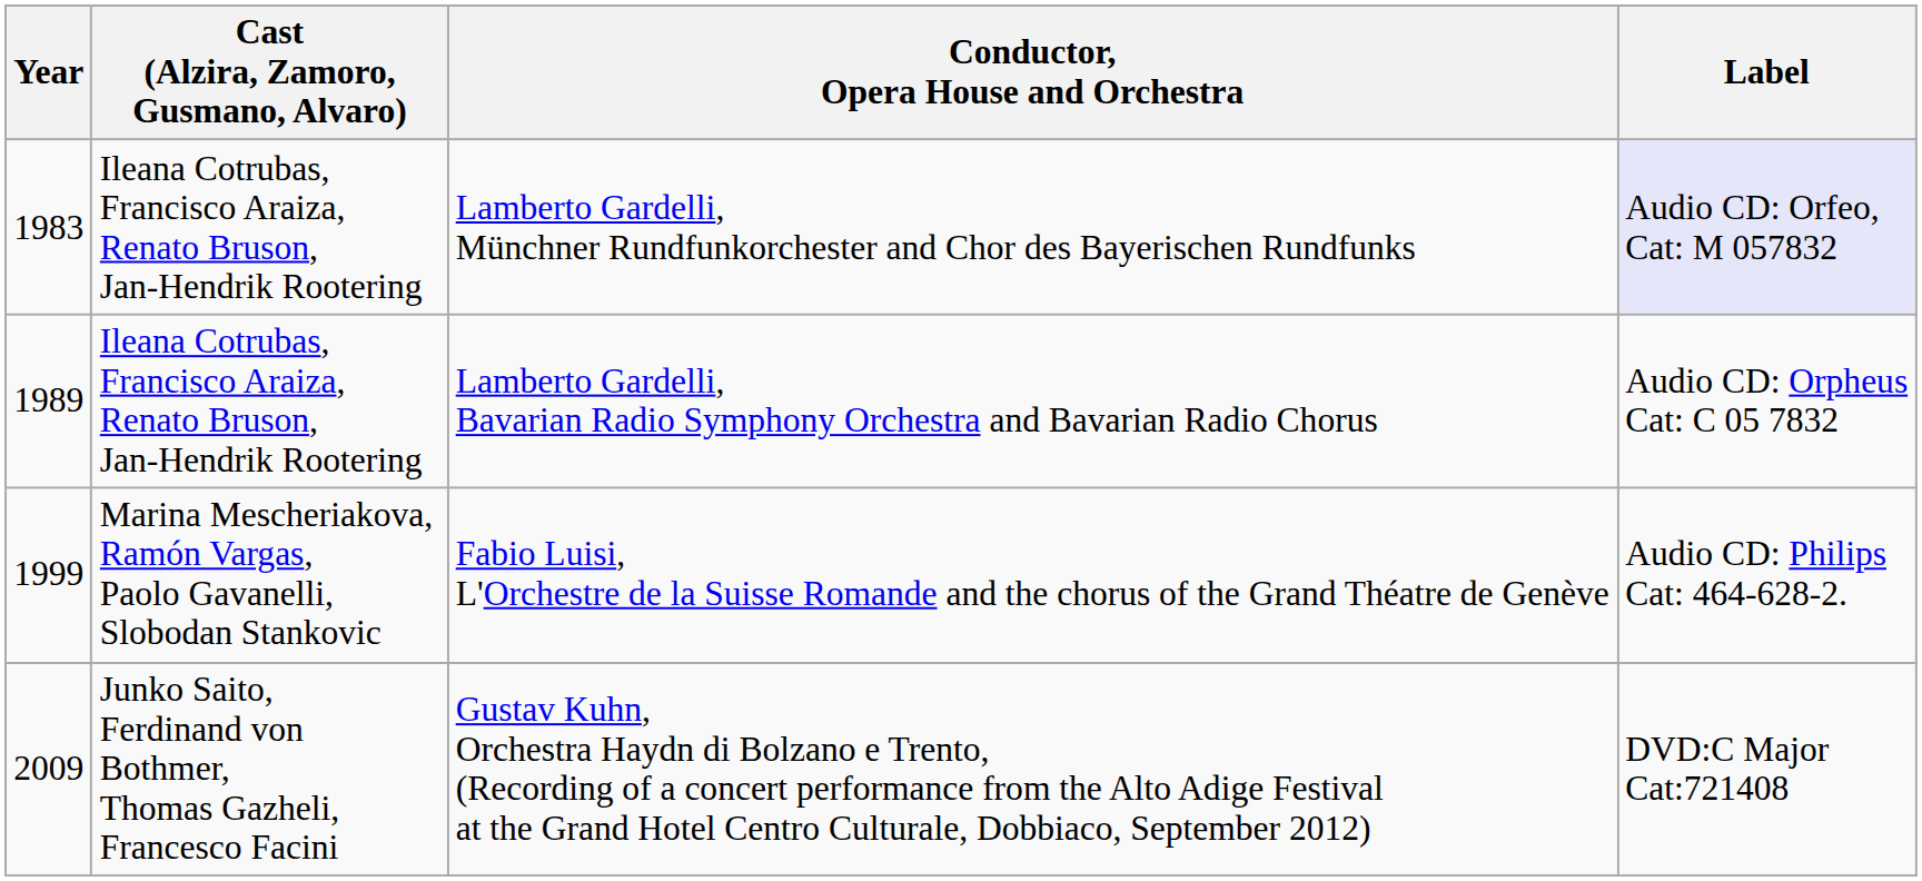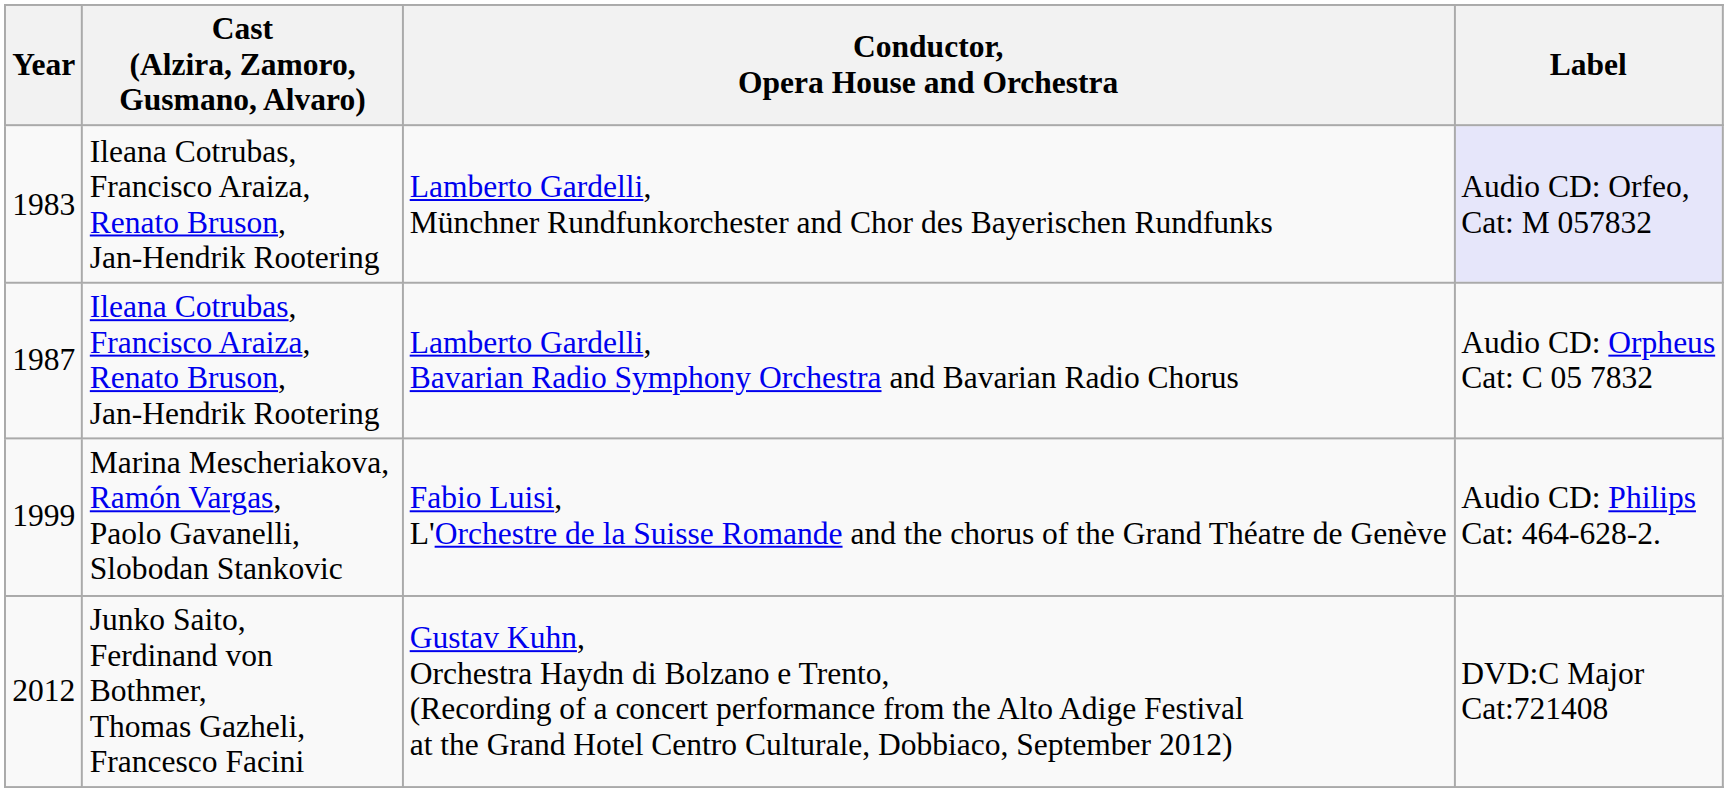 <table class="wikitable">
 <tr>
 <th>Year</th>
 <th width="155">Cast<br>(Alzira, Zamoro, Gusmano, Alvaro)</th>
 <th>Conductor,<br>Opera House and Orchestra</th>
 <th>Label</th>
 </tr>
 <tr>
 <td>1983</td>
 <td>Ileana Cotrubas,<br>Francisco Araiza,<br><a href='#'>Renato Bruson</a>,<br>Jan-Hendrik Rootering</td>
 <td><a href='#'>Lamberto Gardelli</a>,<br> Münchner Rundfunkorchester and Chor des Bayerischen Rundfunks</td>
 <td style="background: lavender;">Audio CD: Orfeo,<br>Cat: M 057832</td>
 </tr>
 <tr>
-<td>1989</td>
+<td>1987</td>
 <td><a href='#'>Ileana Cotrubas</a>,<br><a href='#'>Francisco Araiza</a>,<br><a href='#'>Renato Bruson</a>,<br>Jan-Hendrik Rootering</td>
 <td><a href='#'>Lamberto Gardelli</a>,<br><a href='#'>Bavarian Radio Symphony Orchestra</a> and Bavarian Radio Chorus</td>
 <td>Audio CD: <a href='#'>Orpheus</a><br>Cat: C 05 7832</td>
 </tr>
 <tr>
 <td>1999</td>
 <td>Marina Mescheriakova,<br><a href='#'>Ramón Vargas</a>,<br>Paolo Gavanelli,<br>Slobodan Stankovic</td>
 <td><a href='#'>Fabio Luisi</a>,<br>L'<a href='#'>Orchestre de la Suisse Romande</a> and the chorus of the Grand Théatre de Genève</td>
 <td>Audio CD: <a href='#'>Philips</a> <br>Cat: 464-628-2.</td>
 </tr>
 <tr>
-<td>2009</td>
+<td>2012</td>
 <td>Junko Saito,<br>Ferdinand von Bothmer,<br>Thomas Gazheli,<br>Francesco Facini</td>
 <td><a href='#'>Gustav Kuhn</a>,<br>Orchestra Haydn di Bolzano e Trento,<br>(Recording of a concert performance from the Alto Adige Festival<br>at the Grand Hotel Centro Culturale, Dobbiaco, September 2012)</td>
 <td>DVD:C Major<br>Cat:721408</td>
 </tr>
 </table>
